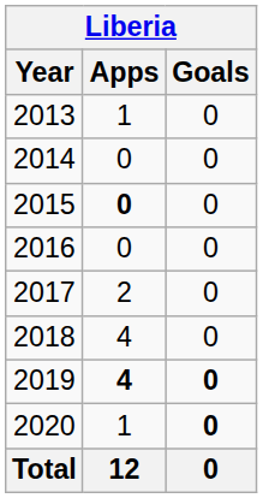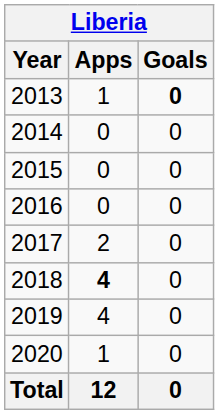 <table class=wikitable style=text-align:center>
 <tr>
 <th colspan=9><a href='#'>Liberia</a></th>
 </tr>
 <tr>
 <th>Year</th>
 <th>Apps</th>
 <th>Goals</th>
 </tr>
 <tr>
 <td>2013</td>
 <td>1</td>
-<td>0</td>
+<td><strong>0</strong></td>
 </tr>
 <tr>
 <td>2014</td>
 <td>0</td>
 <td>0</td>
 </tr>
 <tr>
 <td>2015</td>
-<td><strong>0</strong></td>
+<td>0</td>
 <td>0</td>
 </tr>
 <tr>
 <td>2016</td>
 <td>0</td>
 <td>0</td>
 </tr>
 <tr>
 <td>2017</td>
 <td>2</td>
 <td>0</td>
 </tr>
 <tr>
 <td>2018</td>
+<td><strong>4</strong></td>
+<td>0</td>
+</tr>
+<tr>
+<td>2019</td>
 <td>4</td>
 <td>0</td>
 </tr>
 <tr>
-<td>2019</td>
-<td><strong>4</strong></td>
-<td><strong>0</strong></td>
-</tr>
-<tr>
 <td>2020</td>
 <td>1</td>
-<td><strong>0</strong></td>
+<td>0</td>
 </tr>
 <tr>
 <th colspan=1>Total</th>
 <th>12</th>
 <th>0</th>
 </tr>
 </table>
